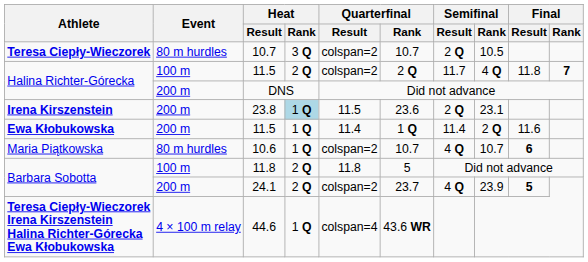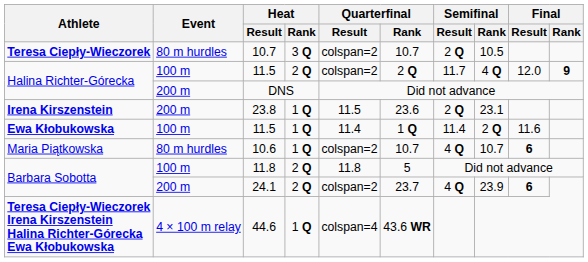 <table class="wikitable" style="font-size:90%">
 <tr>
 <th rowspan="2">Athlete</th>
 <th rowspan="2">Event</th>
 <th colspan="2">Heat</th>
 <th colspan="2">Quarterfinal</th>
 <th colspan="2">Semifinal</th>
 <th colspan="2">Final</th>
 </tr>
 <tr style="font-size:95%">
 <th>Result</th>
 <th>Rank</th>
 <th>Result</th>
 <th>Rank</th>
 <th>Result</th>
 <th>Rank</th>
 <th>Result</th>
 <th>Rank</th>
 </tr>
 <tr align=center>
 <td align=left rowspan=1><strong><a href='#'>Teresa Ciepły-Wieczorek</a></strong></td>
 <td align=left><a href='#'>80 m hurdles</a></td>
 <td>10.7</td>
 <td>3 <strong>Q</strong></td>
 <td>colspan=2 </td>
 <td>10.7</td>
 <td>2 <strong>Q</strong></td>
 <td>10.5</td>
 <td></td>
 </tr>
 <tr align=center>
 <td align=left rowspan=2><a href='#'>Halina Richter-Górecka</a></td>
 <td align=left><a href='#'>100 m</a></td>
 <td>11.5</td>
 <td>2 <strong>Q</strong></td>
 <td>colspan=2 </td>
 <td>2 <strong>Q</strong></td>
 <td>11.7</td>
 <td>4 <strong>Q</strong></td>
-<td>11.8</td>
-<td><strong>7</strong></td>
+<td>12.0</td>
+<td><strong>9</strong></td>
 </tr>
 <tr align=center>
 <td align=left><a href='#'>200 m</a></td>
 <td colspan=2>DNS</td>
 <td colspan=6>Did not advance</td>
 </tr>
 <tr align=center>
 <td align=left><strong><a href='#'>Irena Kirszenstein</a></strong></td>
 <td align=left><a href='#'>200 m</a></td>
 <td>23.8</td>
-<td style="background: lightblue;">1 <strong>Q</strong></td>
+<td>1 <strong>Q</strong></td>
 <td>11.5</td>
 <td>23.6</td>
 <td>2 <strong>Q</strong></td>
 <td>23.1</td>
 <td></td>
 </tr>
 <tr align=center>
 <td align=left><strong><a href='#'>Ewa Kłobukowska</a></strong></td>
-<td align=left><a href='#'>200 m</a></td>
+<td align=left><a href='#'>100 m</a></td>
 <td>11.5</td>
 <td>1 <strong>Q</strong></td>
 <td>11.4</td>
 <td>1 <strong>Q</strong></td>
 <td>11.4</td>
 <td>2 <strong>Q</strong></td>
 <td>11.6</td>
 <td></td>
 </tr>
 <tr align=center>
 <td align=left><a href='#'>Maria Piątkowska</a></td>
 <td align=left><a href='#'>80 m hurdles</a></td>
 <td>10.6</td>
 <td>1 <strong>Q</strong></td>
 <td>colspan=2 </td>
 <td>10.7</td>
 <td>4 <strong>Q</strong></td>
 <td>10.7</td>
 <td><strong>6</strong></td>
 </tr>
 <tr align=center>
 <td align=left rowspan=2><a href='#'>Barbara Sobotta</a></td>
 <td align=left><a href='#'>100 m</a></td>
 <td>11.8</td>
 <td>2 <strong>Q</strong></td>
 <td>11.8</td>
 <td>5</td>
 <td colspan=4>Did not advance</td>
 </tr>
 <tr align=center>
 <td align=left><a href='#'>200 m</a></td>
 <td>24.1</td>
 <td>2 <strong>Q</strong></td>
 <td>colspan=2 </td>
 <td>23.7</td>
 <td>4 <strong>Q</strong></td>
 <td>23.9</td>
-<td><strong>5</strong></td>
+<td><strong>6</strong></td>
 </tr>
 <tr align=center>
 <td align=left><strong><a href='#'>Teresa Ciepły-Wieczorek</a><br><a href='#'>Irena Kirszenstein</a><br><a href='#'>Halina Richter-Górecka</a><br><a href='#'>Ewa Kłobukowska</a></strong></td>
 <td align=left><a href='#'>4 × 100 m relay</a></td>
 <td>44.6</td>
 <td>1 <strong>Q</strong></td>
 <td>colspan=4 </td>
 <td>43.6 <strong>WR</strong></td>
 <td></td>
 </tr>
 </table>
